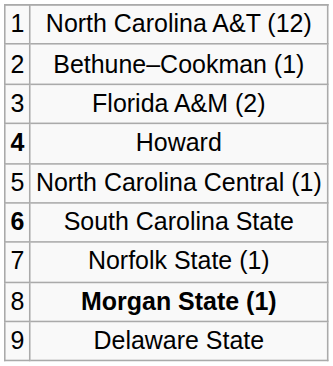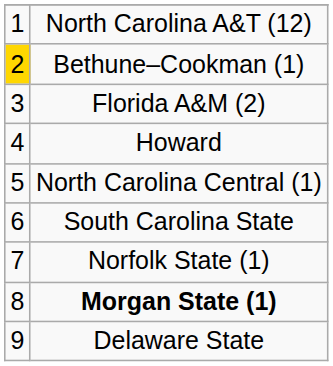 <table class="wikitable">
 <tr align="center">
 </tr>
 <tr align="center">
 <td>1</td>
 <td>North Carolina A&T (12)</td>
 </tr>
 <tr align="center">
-<td>2</td>
+<td style="background: gold;">2</td>
 <td>Bethune–Cookman (1)</td>
 </tr>
 <tr align="center">
 <td>3</td>
 <td>Florida A&M (2)</td>
 </tr>
 <tr align="center">
-<td><strong>4</strong></td>
+<td>4</td>
 <td>Howard</td>
 </tr>
 <tr align="center">
 <td>5</td>
 <td>North Carolina Central (1)</td>
 </tr>
 <tr align="center">
-<td><strong>6</strong></td>
+<td>6</td>
 <td>South Carolina State</td>
 </tr>
 <tr align="center">
 <td>7</td>
 <td>Norfolk State (1)</td>
 </tr>
 <tr align="center">
 <td>8</td>
 <td><strong>Morgan State (1)</strong></td>
 </tr>
 <tr align="center">
 <td>9</td>
 <td>Delaware State</td>
 </tr>
 </table>
